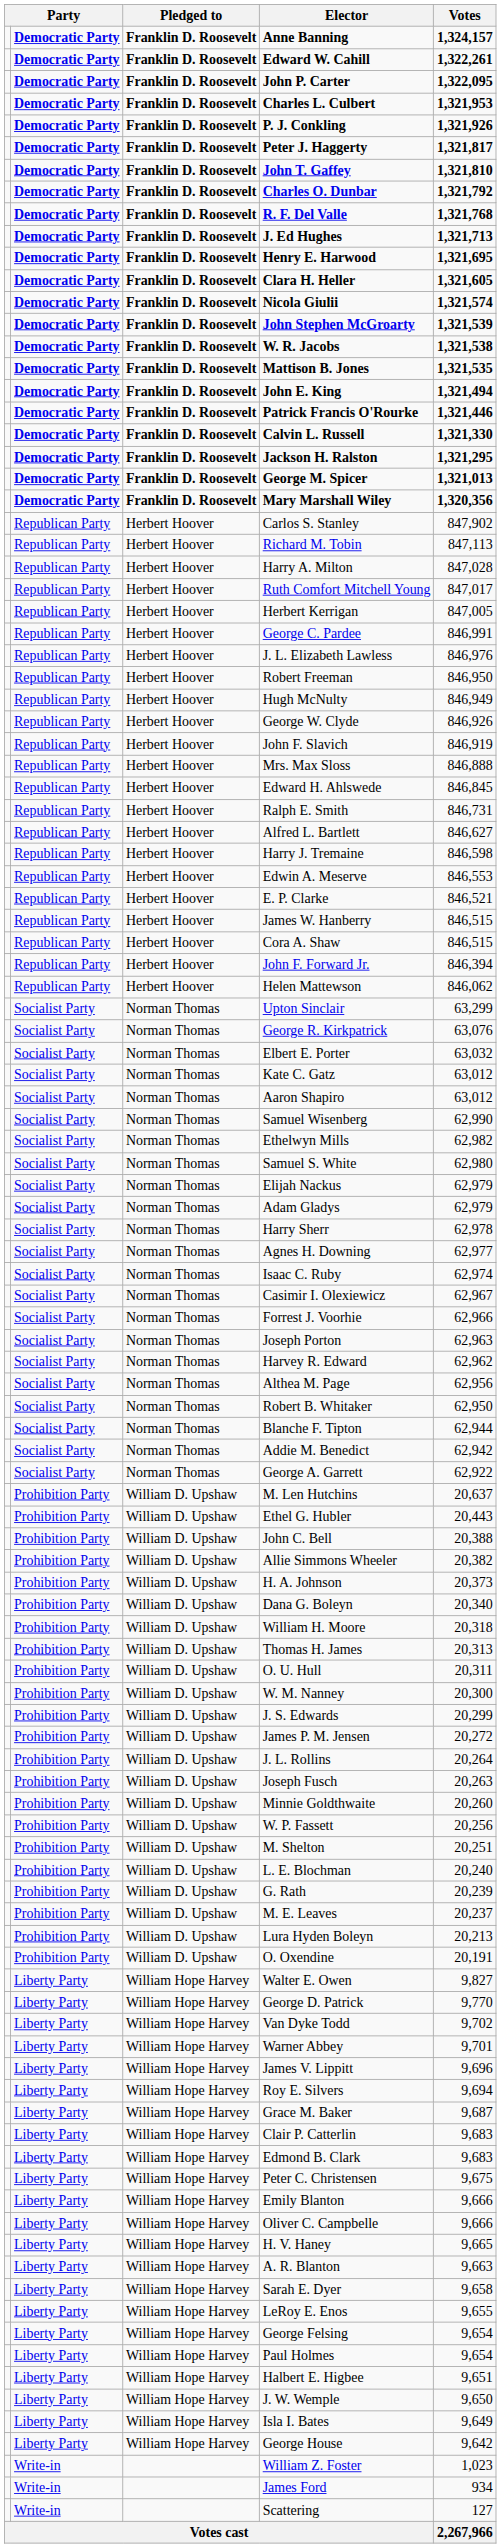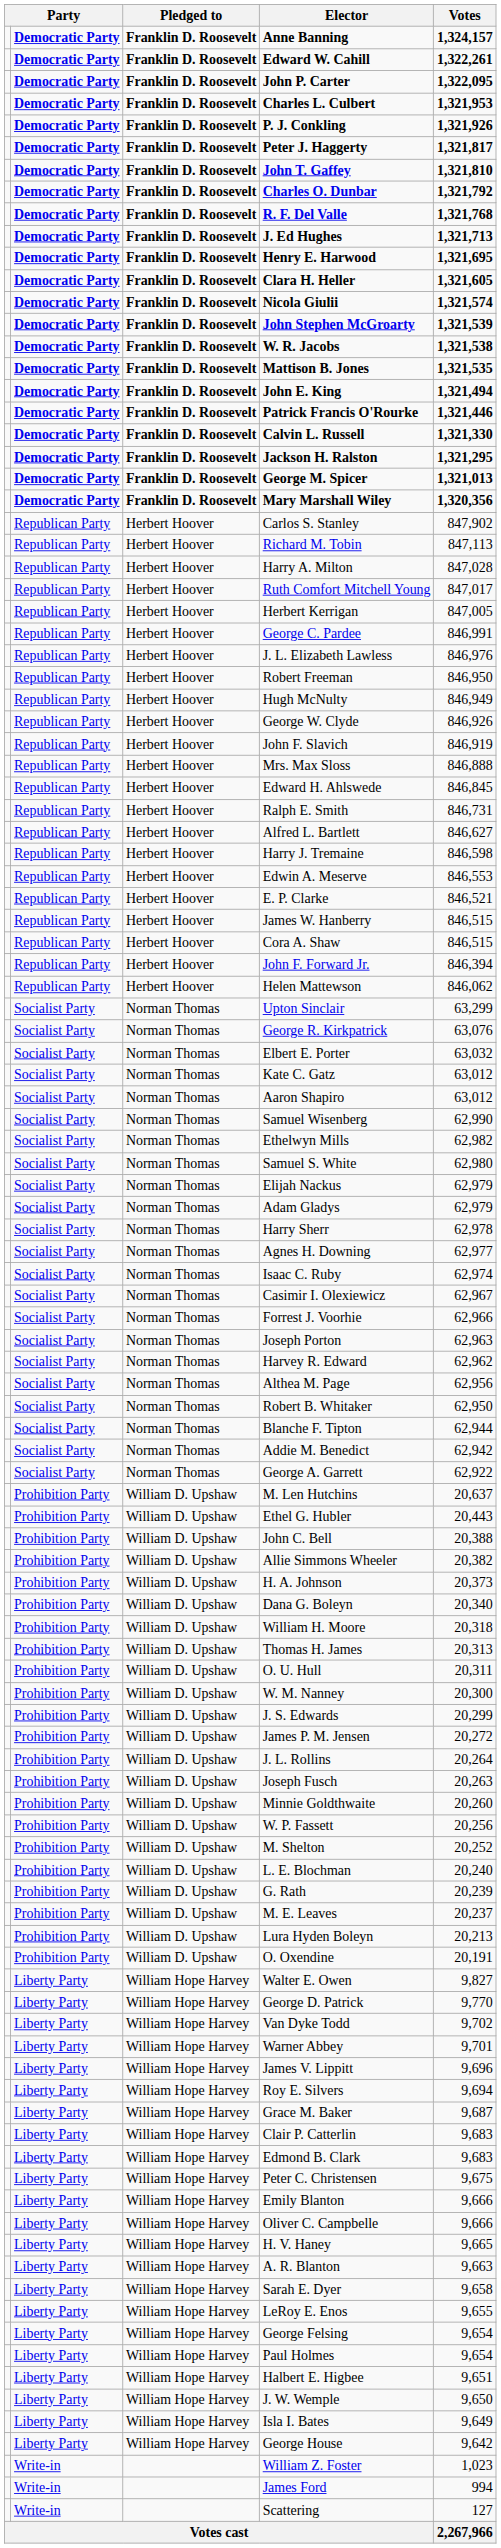 <table class="wikitable">
 <tr>
 <th colspan=2>Party</th>
 <th>Pledged to</th>
 <th>Elector</th>
 <th>Votes</th>
 </tr>
 <tr style="font-weight:bold">
 <td bgcolor=></td>
 <td><a href='#'>Democratic Party</a></td>
 <td>Franklin D. Roosevelt</td>
 <td>Anne Banning</td>
 <td align="right">1,324,157</td>
 </tr>
 <tr style="font-weight:bold">
 <td bgcolor=></td>
 <td><a href='#'>Democratic Party</a></td>
 <td>Franklin D. Roosevelt</td>
 <td>Edward W. Cahill</td>
 <td align="right">1,322,261</td>
 </tr>
 <tr style="font-weight:bold">
 <td bgcolor=></td>
 <td><a href='#'>Democratic Party</a></td>
 <td>Franklin D. Roosevelt</td>
 <td>John P. Carter</td>
 <td align="right">1,322,095</td>
 </tr>
 <tr style="font-weight:bold">
 <td bgcolor=></td>
 <td><a href='#'>Democratic Party</a></td>
 <td>Franklin D. Roosevelt</td>
 <td>Charles L. Culbert</td>
 <td align="right">1,321,953</td>
 </tr>
 <tr style="font-weight:bold">
 <td bgcolor=></td>
 <td><a href='#'>Democratic Party</a></td>
 <td>Franklin D. Roosevelt</td>
 <td>P. J. Conkling</td>
 <td align="right">1,321,926</td>
 </tr>
 <tr style="font-weight:bold">
 <td bgcolor=></td>
 <td><a href='#'>Democratic Party</a></td>
 <td>Franklin D. Roosevelt</td>
 <td>Peter J. Haggerty</td>
 <td align="right">1,321,817</td>
 </tr>
 <tr style="font-weight:bold">
 <td bgcolor=></td>
 <td><a href='#'>Democratic Party</a></td>
 <td>Franklin D. Roosevelt</td>
 <td><a href='#'>John T. Gaffey</a></td>
 <td align="right">1,321,810</td>
 </tr>
 <tr style="font-weight:bold">
 <td bgcolor=></td>
 <td><a href='#'>Democratic Party</a></td>
 <td>Franklin D. Roosevelt</td>
 <td><a href='#'>Charles O. Dunbar</a></td>
 <td align="right">1,321,792</td>
 </tr>
 <tr style="font-weight:bold">
 <td bgcolor=></td>
 <td><a href='#'>Democratic Party</a></td>
 <td>Franklin D. Roosevelt</td>
 <td><a href='#'>R. F. Del Valle</a></td>
 <td align="right">1,321,768</td>
 </tr>
 <tr style="font-weight:bold">
 <td bgcolor=></td>
 <td><a href='#'>Democratic Party</a></td>
 <td>Franklin D. Roosevelt</td>
 <td>J. Ed Hughes</td>
 <td align="right">1,321,713</td>
 </tr>
 <tr style="font-weight:bold">
 <td bgcolor=></td>
 <td><a href='#'>Democratic Party</a></td>
 <td>Franklin D. Roosevelt</td>
 <td>Henry E. Harwood</td>
 <td align="right">1,321,695</td>
 </tr>
 <tr style="font-weight:bold">
 <td bgcolor=></td>
 <td><a href='#'>Democratic Party</a></td>
 <td>Franklin D. Roosevelt</td>
 <td>Clara H. Heller</td>
 <td align="right">1,321,605</td>
 </tr>
 <tr style="font-weight:bold">
 <td bgcolor=></td>
 <td><a href='#'>Democratic Party</a></td>
 <td>Franklin D. Roosevelt</td>
 <td>Nicola Giulii</td>
 <td align="right">1,321,574</td>
 </tr>
 <tr style="font-weight:bold">
 <td bgcolor=></td>
 <td><a href='#'>Democratic Party</a></td>
 <td>Franklin D. Roosevelt</td>
 <td><a href='#'>John Stephen McGroarty</a></td>
 <td align="right">1,321,539</td>
 </tr>
 <tr style="font-weight:bold">
 <td bgcolor=></td>
 <td><a href='#'>Democratic Party</a></td>
 <td>Franklin D. Roosevelt</td>
 <td>W. R. Jacobs</td>
 <td align="right">1,321,538</td>
 </tr>
 <tr style="font-weight:bold">
 <td bgcolor=></td>
 <td><a href='#'>Democratic Party</a></td>
 <td>Franklin D. Roosevelt</td>
 <td>Mattison B. Jones</td>
 <td align="right">1,321,535</td>
 </tr>
 <tr style="font-weight:bold">
 <td bgcolor=></td>
 <td><a href='#'>Democratic Party</a></td>
 <td>Franklin D. Roosevelt</td>
 <td>John E. King</td>
 <td align="right">1,321,494</td>
 </tr>
 <tr style="font-weight:bold">
 <td bgcolor=></td>
 <td><a href='#'>Democratic Party</a></td>
 <td>Franklin D. Roosevelt</td>
 <td>Patrick Francis O'Rourke</td>
 <td align="right">1,321,446</td>
 </tr>
 <tr style="font-weight:bold">
 <td bgcolor=></td>
 <td><a href='#'>Democratic Party</a></td>
 <td>Franklin D. Roosevelt</td>
 <td>Calvin L. Russell</td>
 <td align="right">1,321,330</td>
 </tr>
 <tr style="font-weight:bold">
 <td bgcolor=></td>
 <td><a href='#'>Democratic Party</a></td>
 <td>Franklin D. Roosevelt</td>
 <td>Jackson H. Ralston</td>
 <td align="right">1,321,295</td>
 </tr>
 <tr style="font-weight:bold">
 <td bgcolor=></td>
 <td><a href='#'>Democratic Party</a></td>
 <td>Franklin D. Roosevelt</td>
 <td>George M. Spicer</td>
 <td align="right">1,321,013</td>
 </tr>
 <tr style="font-weight:bold">
 <td bgcolor=></td>
 <td><a href='#'>Democratic Party</a></td>
 <td>Franklin D. Roosevelt</td>
 <td>Mary Marshall Wiley</td>
 <td align="right">1,320,356</td>
 </tr>
 <tr>
 <td></td>
 <td><a href='#'>Republican Party</a></td>
 <td>Herbert Hoover</td>
 <td>Carlos S. Stanley</td>
 <td align="right">847,902</td>
 </tr>
 <tr>
 <td></td>
 <td><a href='#'>Republican Party</a></td>
 <td>Herbert Hoover</td>
 <td><a href='#'>Richard M. Tobin</a></td>
 <td align="right">847,113</td>
 </tr>
 <tr>
 <td></td>
 <td><a href='#'>Republican Party</a></td>
 <td>Herbert Hoover</td>
 <td>Harry A. Milton</td>
 <td align="right">847,028</td>
 </tr>
 <tr>
 <td></td>
 <td><a href='#'>Republican Party</a></td>
 <td>Herbert Hoover</td>
 <td><a href='#'>Ruth Comfort Mitchell Young</a></td>
 <td align="right">847,017</td>
 </tr>
 <tr>
 <td></td>
 <td><a href='#'>Republican Party</a></td>
 <td>Herbert Hoover</td>
 <td>Herbert Kerrigan</td>
 <td align="right">847,005</td>
 </tr>
 <tr>
 <td></td>
 <td><a href='#'>Republican Party</a></td>
 <td>Herbert Hoover</td>
 <td><a href='#'>George C. Pardee</a></td>
 <td align="right">846,991</td>
 </tr>
 <tr>
 <td></td>
 <td><a href='#'>Republican Party</a></td>
 <td>Herbert Hoover</td>
 <td>J. L. Elizabeth Lawless</td>
 <td align="right">846,976</td>
 </tr>
 <tr>
 <td></td>
 <td><a href='#'>Republican Party</a></td>
 <td>Herbert Hoover</td>
 <td>Robert Freeman</td>
 <td align="right">846,950</td>
 </tr>
 <tr>
 <td></td>
 <td><a href='#'>Republican Party</a></td>
 <td>Herbert Hoover</td>
 <td>Hugh McNulty</td>
 <td align="right">846,949</td>
 </tr>
 <tr>
 <td></td>
 <td><a href='#'>Republican Party</a></td>
 <td>Herbert Hoover</td>
 <td>George W. Clyde</td>
 <td align="right">846,926</td>
 </tr>
 <tr>
 <td></td>
 <td><a href='#'>Republican Party</a></td>
 <td>Herbert Hoover</td>
 <td>John F. Slavich</td>
 <td align="right">846,919</td>
 </tr>
 <tr>
 <td></td>
 <td><a href='#'>Republican Party</a></td>
 <td>Herbert Hoover</td>
 <td>Mrs. Max Sloss</td>
 <td align="right">846,888</td>
 </tr>
 <tr>
 <td></td>
 <td><a href='#'>Republican Party</a></td>
 <td>Herbert Hoover</td>
 <td>Edward H. Ahlswede</td>
 <td align="right">846,845</td>
 </tr>
 <tr>
 <td></td>
 <td><a href='#'>Republican Party</a></td>
 <td>Herbert Hoover</td>
 <td>Ralph E. Smith</td>
 <td align="right">846,731</td>
 </tr>
 <tr>
 <td></td>
 <td><a href='#'>Republican Party</a></td>
 <td>Herbert Hoover</td>
 <td>Alfred L. Bartlett</td>
 <td align="right">846,627</td>
 </tr>
 <tr>
 <td></td>
 <td><a href='#'>Republican Party</a></td>
 <td>Herbert Hoover</td>
 <td>Harry J. Tremaine</td>
 <td align="right">846,598</td>
 </tr>
 <tr>
 <td></td>
 <td><a href='#'>Republican Party</a></td>
 <td>Herbert Hoover</td>
 <td>Edwin A. Meserve</td>
 <td align="right">846,553</td>
 </tr>
 <tr>
 <td></td>
 <td><a href='#'>Republican Party</a></td>
 <td>Herbert Hoover</td>
 <td>E. P. Clarke</td>
 <td align="right">846,521</td>
 </tr>
 <tr>
 <td></td>
 <td><a href='#'>Republican Party</a></td>
 <td>Herbert Hoover</td>
 <td>James W. Hanberry</td>
 <td align="right">846,515</td>
 </tr>
 <tr>
 <td></td>
 <td><a href='#'>Republican Party</a></td>
 <td>Herbert Hoover</td>
 <td>Cora A. Shaw</td>
 <td align="right">846,515</td>
 </tr>
 <tr>
 <td></td>
 <td><a href='#'>Republican Party</a></td>
 <td>Herbert Hoover</td>
 <td><a href='#'>John F. Forward Jr.</a></td>
 <td align="right">846,394</td>
 </tr>
 <tr>
 <td></td>
 <td><a href='#'>Republican Party</a></td>
 <td>Herbert Hoover</td>
 <td>Helen Mattewson</td>
 <td align="right">846,062</td>
 </tr>
 <tr>
 <td bgcolor=></td>
 <td><a href='#'>Socialist Party</a></td>
 <td>Norman Thomas</td>
 <td><a href='#'>Upton Sinclair</a></td>
 <td align="right">63,299</td>
 </tr>
 <tr>
 <td bgcolor=></td>
 <td><a href='#'>Socialist Party</a></td>
 <td>Norman Thomas</td>
 <td><a href='#'>George R. Kirkpatrick</a></td>
 <td align="right">63,076</td>
 </tr>
 <tr>
 <td bgcolor=></td>
 <td><a href='#'>Socialist Party</a></td>
 <td>Norman Thomas</td>
 <td>Elbert E. Porter</td>
 <td align="right">63,032</td>
 </tr>
 <tr>
 <td bgcolor=></td>
 <td><a href='#'>Socialist Party</a></td>
 <td>Norman Thomas</td>
 <td>Kate C. Gatz</td>
 <td align="right">63,012</td>
 </tr>
 <tr>
 <td bgcolor=></td>
 <td><a href='#'>Socialist Party</a></td>
 <td>Norman Thomas</td>
 <td>Aaron Shapiro</td>
 <td align="right">63,012</td>
 </tr>
 <tr>
 <td bgcolor=></td>
 <td><a href='#'>Socialist Party</a></td>
 <td>Norman Thomas</td>
 <td>Samuel Wisenberg</td>
 <td align="right">62,990</td>
 </tr>
 <tr>
 <td bgcolor=></td>
 <td><a href='#'>Socialist Party</a></td>
 <td>Norman Thomas</td>
 <td>Ethelwyn Mills</td>
 <td align="right">62,982</td>
 </tr>
 <tr>
 <td bgcolor=></td>
 <td><a href='#'>Socialist Party</a></td>
 <td>Norman Thomas</td>
 <td>Samuel S. White</td>
 <td align="right">62,980</td>
 </tr>
 <tr>
 <td bgcolor=></td>
 <td><a href='#'>Socialist Party</a></td>
 <td>Norman Thomas</td>
 <td>Elijah Nackus</td>
 <td align="right">62,979</td>
 </tr>
 <tr>
 <td bgcolor=></td>
 <td><a href='#'>Socialist Party</a></td>
 <td>Norman Thomas</td>
 <td>Adam Gladys</td>
 <td align="right">62,979</td>
 </tr>
 <tr>
 <td bgcolor=></td>
 <td><a href='#'>Socialist Party</a></td>
 <td>Norman Thomas</td>
 <td>Harry Sherr</td>
 <td align="right">62,978</td>
 </tr>
 <tr>
 <td bgcolor=></td>
 <td><a href='#'>Socialist Party</a></td>
 <td>Norman Thomas</td>
 <td>Agnes H. Downing</td>
 <td align="right">62,977</td>
 </tr>
 <tr>
 <td bgcolor=></td>
 <td><a href='#'>Socialist Party</a></td>
 <td>Norman Thomas</td>
 <td>Isaac C. Ruby</td>
 <td align="right">62,974</td>
 </tr>
 <tr>
 <td bgcolor=></td>
 <td><a href='#'>Socialist Party</a></td>
 <td>Norman Thomas</td>
 <td>Casimir I. Olexiewicz</td>
 <td align="right">62,967</td>
 </tr>
 <tr>
 <td bgcolor=></td>
 <td><a href='#'>Socialist Party</a></td>
 <td>Norman Thomas</td>
 <td>Forrest J. Voorhie</td>
 <td align="right">62,966</td>
 </tr>
 <tr>
 <td bgcolor=></td>
 <td><a href='#'>Socialist Party</a></td>
 <td>Norman Thomas</td>
 <td>Joseph Porton</td>
 <td align="right">62,963</td>
 </tr>
 <tr>
 <td bgcolor=></td>
 <td><a href='#'>Socialist Party</a></td>
 <td>Norman Thomas</td>
 <td>Harvey R. Edward</td>
 <td align="right">62,962</td>
 </tr>
 <tr>
 <td bgcolor=></td>
 <td><a href='#'>Socialist Party</a></td>
 <td>Norman Thomas</td>
 <td>Althea M. Page</td>
 <td align="right">62,956</td>
 </tr>
 <tr>
 <td bgcolor=></td>
 <td><a href='#'>Socialist Party</a></td>
 <td>Norman Thomas</td>
 <td>Robert B. Whitaker</td>
 <td align="right">62,950</td>
 </tr>
 <tr>
 <td bgcolor=></td>
 <td><a href='#'>Socialist Party</a></td>
 <td>Norman Thomas</td>
 <td>Blanche F. Tipton</td>
 <td align="right">62,944</td>
 </tr>
 <tr>
 <td bgcolor=></td>
 <td><a href='#'>Socialist Party</a></td>
 <td>Norman Thomas</td>
 <td>Addie M. Benedict</td>
 <td align="right">62,942</td>
 </tr>
 <tr>
 <td bgcolor=></td>
 <td><a href='#'>Socialist Party</a></td>
 <td>Norman Thomas</td>
 <td>George A. Garrett</td>
 <td align="right">62,922</td>
 </tr>
 <tr>
 <td bgcolor=></td>
 <td><a href='#'>Prohibition Party</a></td>
 <td>William D. Upshaw</td>
 <td>M. Len Hutchins</td>
 <td align="right">20,637</td>
 </tr>
 <tr>
 <td bgcolor=></td>
 <td><a href='#'>Prohibition Party</a></td>
 <td>William D. Upshaw</td>
 <td>Ethel G. Hubler</td>
 <td align="right">20,443</td>
 </tr>
 <tr>
 <td bgcolor=></td>
 <td><a href='#'>Prohibition Party</a></td>
 <td>William D. Upshaw</td>
 <td>John C. Bell</td>
 <td align="right">20,388</td>
 </tr>
 <tr>
 <td bgcolor=></td>
 <td><a href='#'>Prohibition Party</a></td>
 <td>William D. Upshaw</td>
 <td>Allie Simmons Wheeler</td>
 <td align="right">20,382</td>
 </tr>
 <tr>
 <td bgcolor=></td>
 <td><a href='#'>Prohibition Party</a></td>
 <td>William D. Upshaw</td>
 <td>H. A. Johnson</td>
 <td align="right">20,373</td>
 </tr>
 <tr>
 <td bgcolor=></td>
 <td><a href='#'>Prohibition Party</a></td>
 <td>William D. Upshaw</td>
 <td>Dana G. Boleyn</td>
 <td align="right">20,340</td>
 </tr>
 <tr>
 <td bgcolor=></td>
 <td><a href='#'>Prohibition Party</a></td>
 <td>William D. Upshaw</td>
 <td>William H. Moore</td>
 <td align="right">20,318</td>
 </tr>
 <tr>
 <td bgcolor=></td>
 <td><a href='#'>Prohibition Party</a></td>
 <td>William D. Upshaw</td>
 <td>Thomas H. James</td>
 <td align="right">20,313</td>
 </tr>
 <tr>
 <td bgcolor=></td>
 <td><a href='#'>Prohibition Party</a></td>
 <td>William D. Upshaw</td>
 <td>O. U. Hull</td>
 <td align="right">20,311</td>
 </tr>
 <tr>
 <td bgcolor=></td>
 <td><a href='#'>Prohibition Party</a></td>
 <td>William D. Upshaw</td>
 <td>W. M. Nanney</td>
 <td align="right">20,300</td>
 </tr>
 <tr>
 <td bgcolor=></td>
 <td><a href='#'>Prohibition Party</a></td>
 <td>William D. Upshaw</td>
 <td>J. S. Edwards</td>
 <td align="right">20,299</td>
 </tr>
 <tr>
 <td bgcolor=></td>
 <td><a href='#'>Prohibition Party</a></td>
 <td>William D. Upshaw</td>
 <td>James P. M. Jensen</td>
 <td align="right">20,272</td>
 </tr>
 <tr>
 <td bgcolor=></td>
 <td><a href='#'>Prohibition Party</a></td>
 <td>William D. Upshaw</td>
 <td>J. L. Rollins</td>
 <td align="right">20,264</td>
 </tr>
 <tr>
 <td bgcolor=></td>
 <td><a href='#'>Prohibition Party</a></td>
 <td>William D. Upshaw</td>
 <td>Joseph Fusch</td>
 <td align="right">20,263</td>
 </tr>
 <tr>
 <td bgcolor=></td>
 <td><a href='#'>Prohibition Party</a></td>
 <td>William D. Upshaw</td>
 <td>Minnie Goldthwaite</td>
 <td align="right">20,260</td>
 </tr>
 <tr>
 <td bgcolor=></td>
 <td><a href='#'>Prohibition Party</a></td>
 <td>William D. Upshaw</td>
 <td>W. P. Fassett</td>
 <td align="right">20,256</td>
 </tr>
 <tr>
 <td bgcolor=></td>
 <td><a href='#'>Prohibition Party</a></td>
 <td>William D. Upshaw</td>
 <td>M. Shelton</td>
-<td align="right">20,251</td>
+<td align="right">20,252</td>
 </tr>
 <tr>
 <td bgcolor=></td>
 <td><a href='#'>Prohibition Party</a></td>
 <td>William D. Upshaw</td>
 <td>L. E. Blochman</td>
 <td align="right">20,240</td>
 </tr>
 <tr>
 <td bgcolor=></td>
 <td><a href='#'>Prohibition Party</a></td>
 <td>William D. Upshaw</td>
 <td>G. Rath</td>
 <td align="right">20,239</td>
 </tr>
 <tr>
 <td bgcolor=></td>
 <td><a href='#'>Prohibition Party</a></td>
 <td>William D. Upshaw</td>
 <td>M. E. Leaves</td>
 <td align="right">20,237</td>
 </tr>
 <tr>
 <td bgcolor=></td>
 <td><a href='#'>Prohibition Party</a></td>
 <td>William D. Upshaw</td>
 <td>Lura Hyden Boleyn</td>
 <td align="right">20,213</td>
 </tr>
 <tr>
 <td bgcolor=></td>
 <td><a href='#'>Prohibition Party</a></td>
 <td>William D. Upshaw</td>
 <td>O. Oxendine</td>
 <td align="right">20,191</td>
 </tr>
 <tr>
 <td bgcolor=></td>
 <td><a href='#'>Liberty Party</a></td>
 <td>William Hope Harvey</td>
 <td>Walter E. Owen</td>
 <td align="right">9,827</td>
 </tr>
 <tr>
 <td bgcolor=></td>
 <td><a href='#'>Liberty Party</a></td>
 <td>William Hope Harvey</td>
 <td>George D. Patrick</td>
 <td align="right">9,770</td>
 </tr>
 <tr>
 <td bgcolor=></td>
 <td><a href='#'>Liberty Party</a></td>
 <td>William Hope Harvey</td>
 <td>Van Dyke Todd</td>
 <td align="right">9,702</td>
 </tr>
 <tr>
 <td bgcolor=></td>
 <td><a href='#'>Liberty Party</a></td>
 <td>William Hope Harvey</td>
 <td>Warner Abbey</td>
 <td align="right">9,701</td>
 </tr>
 <tr>
 <td bgcolor=></td>
 <td><a href='#'>Liberty Party</a></td>
 <td>William Hope Harvey</td>
 <td>James V. Lippitt</td>
 <td align="right">9,696</td>
 </tr>
 <tr>
 <td bgcolor=></td>
 <td><a href='#'>Liberty Party</a></td>
 <td>William Hope Harvey</td>
 <td>Roy E. Silvers</td>
 <td align="right">9,694</td>
 </tr>
 <tr>
 <td bgcolor=></td>
 <td><a href='#'>Liberty Party</a></td>
 <td>William Hope Harvey</td>
 <td>Grace M. Baker</td>
 <td align="right">9,687</td>
 </tr>
 <tr>
 <td bgcolor=></td>
 <td><a href='#'>Liberty Party</a></td>
 <td>William Hope Harvey</td>
 <td>Clair P. Catterlin</td>
 <td align="right">9,683</td>
 </tr>
 <tr>
 <td bgcolor=></td>
 <td><a href='#'>Liberty Party</a></td>
 <td>William Hope Harvey</td>
 <td>Edmond B. Clark</td>
 <td align="right">9,683</td>
 </tr>
 <tr>
 <td bgcolor=></td>
 <td><a href='#'>Liberty Party</a></td>
 <td>William Hope Harvey</td>
 <td>Peter C. Christensen</td>
 <td align="right">9,675</td>
 </tr>
 <tr>
 <td bgcolor=></td>
 <td><a href='#'>Liberty Party</a></td>
 <td>William Hope Harvey</td>
 <td>Emily Blanton</td>
 <td align="right">9,666</td>
 </tr>
 <tr>
 <td bgcolor=></td>
 <td><a href='#'>Liberty Party</a></td>
 <td>William Hope Harvey</td>
 <td>Oliver C. Campbelle</td>
 <td align="right">9,666</td>
 </tr>
 <tr>
 <td bgcolor=></td>
 <td><a href='#'>Liberty Party</a></td>
 <td>William Hope Harvey</td>
 <td>H. V. Haney</td>
 <td align="right">9,665</td>
 </tr>
 <tr>
 <td bgcolor=></td>
 <td><a href='#'>Liberty Party</a></td>
 <td>William Hope Harvey</td>
 <td>A. R. Blanton</td>
 <td align="right">9,663</td>
 </tr>
 <tr>
 <td bgcolor=></td>
 <td><a href='#'>Liberty Party</a></td>
 <td>William Hope Harvey</td>
 <td>Sarah E. Dyer</td>
 <td align="right">9,658</td>
 </tr>
 <tr>
 <td bgcolor=></td>
 <td><a href='#'>Liberty Party</a></td>
 <td>William Hope Harvey</td>
 <td>LeRoy E. Enos</td>
 <td align="right">9,655</td>
 </tr>
 <tr>
 <td bgcolor=></td>
 <td><a href='#'>Liberty Party</a></td>
 <td>William Hope Harvey</td>
 <td>George Felsing</td>
 <td align="right">9,654</td>
 </tr>
 <tr>
 <td bgcolor=></td>
 <td><a href='#'>Liberty Party</a></td>
 <td>William Hope Harvey</td>
 <td>Paul Holmes</td>
 <td align="right">9,654</td>
 </tr>
 <tr>
 <td bgcolor=></td>
 <td><a href='#'>Liberty Party</a></td>
 <td>William Hope Harvey</td>
 <td>Halbert E. Higbee</td>
 <td align="right">9,651</td>
 </tr>
 <tr>
 <td bgcolor=></td>
 <td><a href='#'>Liberty Party</a></td>
 <td>William Hope Harvey</td>
 <td>J. W. Wemple</td>
 <td align="right">9,650</td>
 </tr>
 <tr>
 <td bgcolor=></td>
 <td><a href='#'>Liberty Party</a></td>
 <td>William Hope Harvey</td>
 <td>Isla I. Bates</td>
 <td align="right">9,649</td>
 </tr>
 <tr>
 <td bgcolor=></td>
 <td><a href='#'>Liberty Party</a></td>
 <td>William Hope Harvey</td>
 <td>George House</td>
 <td align="right">9,642</td>
 </tr>
 <tr>
 <td></td>
 <td><a href='#'>Write-in</a></td>
 <td></td>
 <td><a href='#'>William Z. Foster</a></td>
 <td align="right">1,023</td>
 </tr>
 <tr>
 <td></td>
 <td><a href='#'>Write-in</a></td>
 <td></td>
 <td><a href='#'>James Ford</a></td>
-<td align="right">934</td>
+<td align="right">994</td>
 </tr>
 <tr>
 <td></td>
 <td><a href='#'>Write-in</a></td>
 <td></td>
 <td>Scattering</td>
 <td align="right">127</td>
 </tr>
 <tr>
 <th colspan="4">Votes cast</th>
 <th>2,267,966</th>
 </tr>
 </table>
